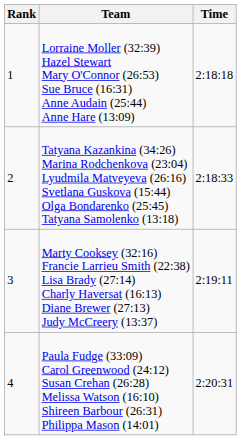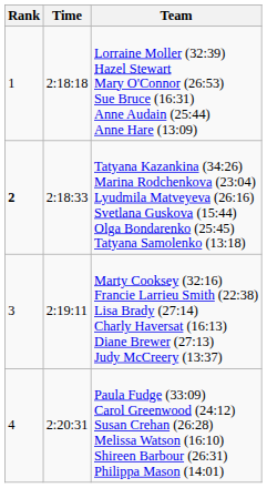 <table class=wikitable>
 <tr>
 <th>Rank</th>
+<th>Time</th>
 <th>Team</th>
-<th>Time</th>
 </tr>
 <tr>
 <td>1</td>
+<td>2:18:18</td>
 <td><br><a href='#'>Lorraine Moller</a> (32:39)<br><a href='#'>Hazel Stewart</a><br><a href='#'>Mary O'Connor</a> (26:53)<br><a href='#'>Sue Bruce</a> (16:31)<br><a href='#'>Anne Audain</a> (25:44)<br><a href='#'>Anne Hare</a> (13:09)</td>
-<td>2:18:18</td>
 </tr>
 <tr>
-<td>2</td>
+<td><strong>2</strong></td>
+<td>2:18:33</td>
 <td><br><a href='#'>Tatyana Kazankina</a> (34:26)<br><a href='#'>Marina Rodchenkova</a> (23:04)<br><a href='#'>Lyudmila Matveyeva</a> (26:16)<br><a href='#'>Svetlana Guskova</a> (15:44)<br><a href='#'>Olga Bondarenko</a> (25:45)<br><a href='#'>Tatyana Samolenko</a> (13:18)</td>
-<td>2:18:33</td>
 </tr>
 <tr>
 <td>3</td>
+<td>2:19:11</td>
 <td><br><a href='#'>Marty Cooksey</a> (32:16)<br><a href='#'>Francie Larrieu Smith</a> (22:38)<br><a href='#'>Lisa Brady</a> (27:14)<br><a href='#'>Charly Haversat</a> (16:13)<br><a href='#'>Diane Brewer</a> (27:13)<br><a href='#'>Judy McCreery</a> (13:37)</td>
-<td>2:19:11</td>
 </tr>
 <tr>
 <td>4</td>
+<td>2:20:31</td>
 <td><br><a href='#'>Paula Fudge</a> (33:09)<br><a href='#'>Carol Greenwood</a> (24:12)<br><a href='#'>Susan Crehan</a> (26:28)<br><a href='#'>Melissa Watson</a> (16:10)<br><a href='#'>Shireen Barbour</a> (26:31)<br><a href='#'>Philippa Mason</a> (14:01)</td>
-<td>2:20:31</td>
 </tr>
 </table>
